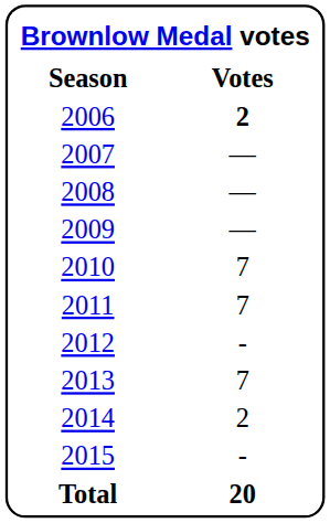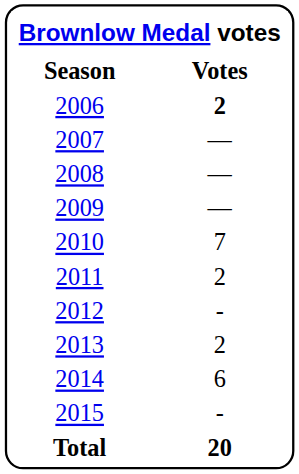 <table style="margin-right: 4px; margin-top: 8px; float: right; border: 1px #000000 solid; border-radius: 8px; background: #FFFFFF; font-family: Verdana; font-size: 8pt; text-align: center;">
 <tr style="background:#FFFFFF;">
 <td colspan=2; style="padding: 3px; margin-bottom: -3px; margin-top: 2px; font-family: Arial; background:#FFFFFF;"><strong><a href='#'>Brownlow Medal</a> votes</strong></td>
 </tr>
 <tr>
 <th width=50%>Season</th>
 <th width=50%>Votes</th>
 </tr>
 <tr>
 <td><a href='#'>2006</a></td>
 <td><strong>2</strong></td>
 </tr>
 <tr>
 <td><a href='#'>2007</a></td>
 <td>—</td>
 </tr>
 <tr>
 <td><a href='#'>2008</a></td>
 <td>—</td>
 </tr>
 <tr>
 <td><a href='#'>2009</a></td>
 <td>—</td>
 </tr>
 <tr>
 <td><a href='#'>2010</a></td>
 <td>7</td>
 </tr>
 <tr>
 <td><a href='#'>2011</a></td>
-<td>7</td>
+<td>2</td>
 </tr>
 <tr>
 <td><a href='#'>2012</a></td>
 <td>-</td>
 </tr>
 <tr>
 <td><a href='#'>2013</a></td>
-<td>7</td>
+<td>2</td>
 </tr>
 <tr>
 <td><a href='#'>2014</a></td>
-<td>2</td>
+<td>6</td>
 </tr>
 <tr>
 <td><a href='#'>2015</a></td>
 <td>-</td>
 </tr>
 <tr>
 <th>Total</th>
 <th>20<br></th>
 </tr>
 </table>
